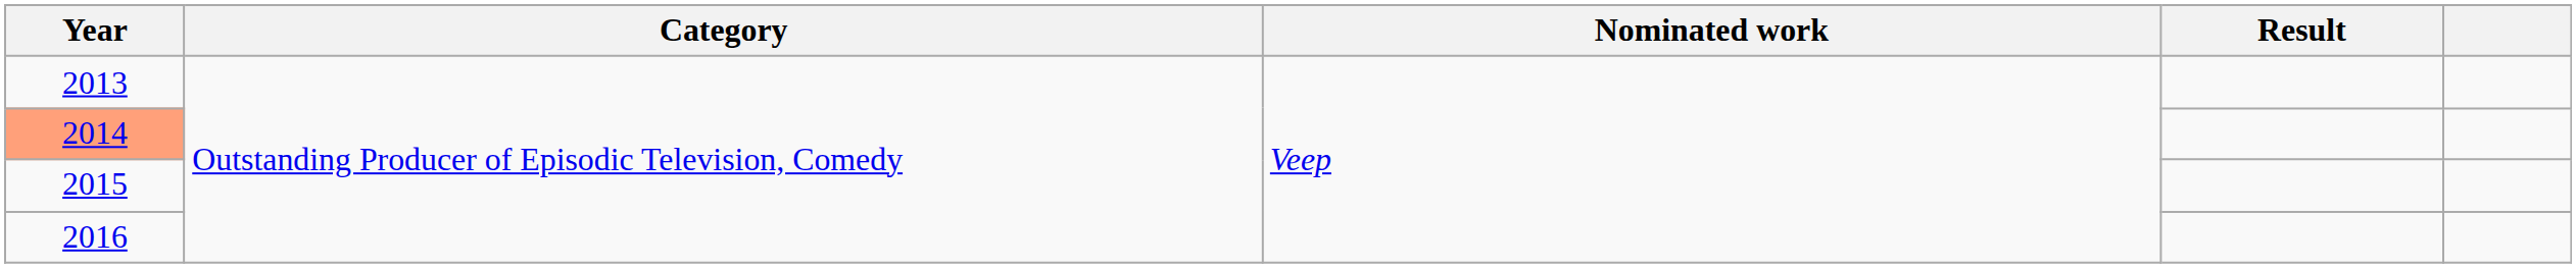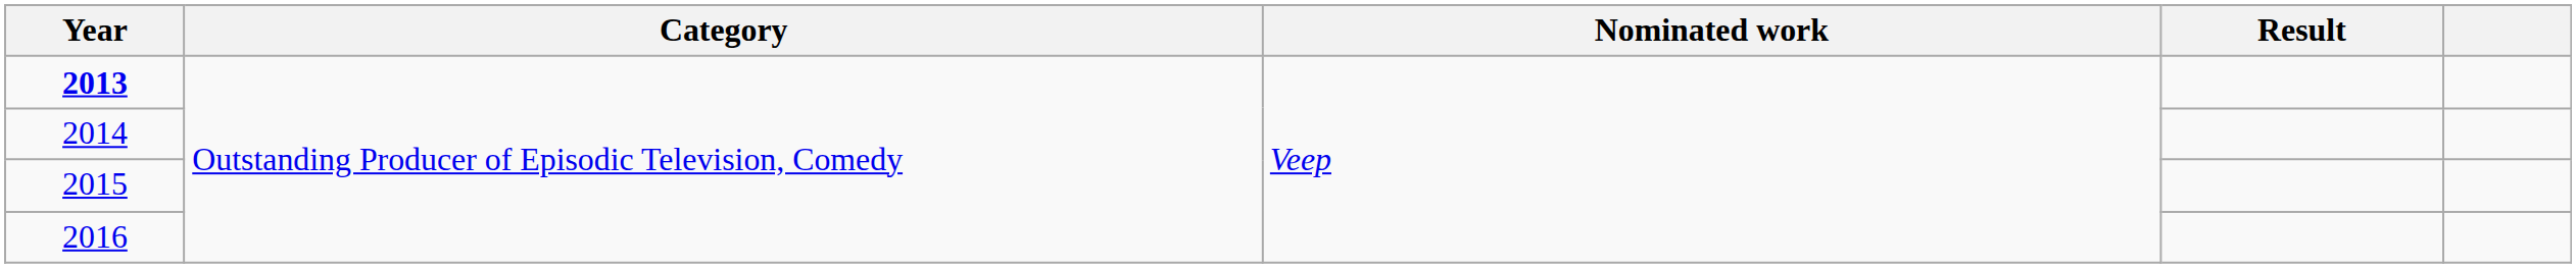 <table width="100%" class="wikitable">
 <tr>
 <th width="7%">Year</th>
 <th width="42%">Category</th>
 <th width="35%">Nominated work</th>
 <th width="11%">Result</th>
 <th width="5%"></th>
 </tr>
 <tr>
-<td align="center"><a href='#'>2013</a></td>
+<td align="center"><strong><a href='#'>2013</a></strong></td>
 <td rowspan="4"><a href='#'>Outstanding Producer of Episodic Television, Comedy</a></td>
 <td rowspan="4"><em><a href='#'>Veep</a></em></td>
 <td></td>
 <td align="center"></td>
 </tr>
 <tr>
-<td align="center" style="background: lightsalmon;"><a href='#'>2014</a></td>
+<td align="center"><a href='#'>2014</a></td>
 <td></td>
 <td align="center"></td>
 </tr>
 <tr>
 <td align="center"><a href='#'>2015</a></td>
 <td></td>
 <td align="center"></td>
 </tr>
 <tr>
 <td align="center"><a href='#'>2016</a></td>
 <td></td>
 <td align="center"></td>
 </tr>
 </table>
